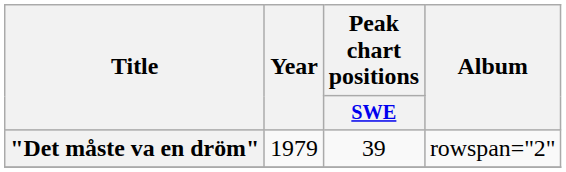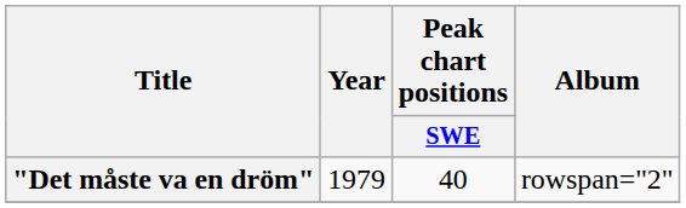 <table class="wikitable plainrowheaders" style="text-align:center;">
 <tr>
 <th scope="col" rowspan="2">Title</th>
 <th scope="col" rowspan="2">Year</th>
 <th scope="col" colspan="1">Peak chart positions</th>
 <th scope="col" rowspan="2">Album</th>
 </tr>
 <tr>
 <th scope="col" style="width:3em;font-size:85%;"><a href='#'>SWE</a></th>
 </tr>
 <tr>
 <th scope="row">"Det måste va en dröm"</th>
 <td>1979</td>
-<td>39</td>
+<td>40</td>
 <td>rowspan="2" </td>
 </tr>
 <tr>
 </tr>
 </table>
